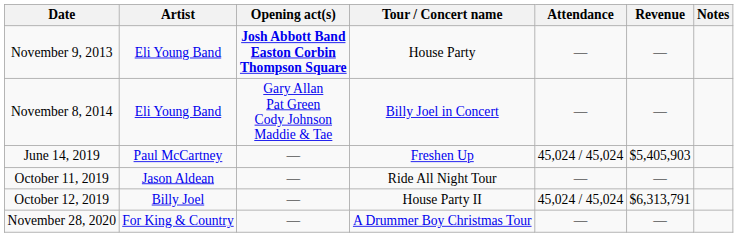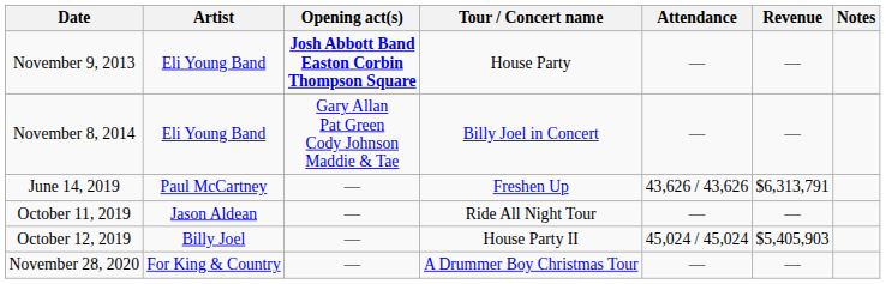 <table class="wikitable" style="text-align:center;">
 <tr>
 <th style="text-align:center;">Date</th>
 <th style="text-align:center;">Artist</th>
 <th style="text-align:center;">Opening act(s)</th>
 <th style="text-align:center;">Tour / Concert name</th>
 <th style="text-align:center;">Attendance</th>
 <th style="text-align:center;">Revenue</th>
 <th style="text-align:center;">Notes</th>
 </tr>
 <tr>
 <td>November 9, 2013</td>
 <td><a href='#'>Eli Young Band</a></td>
 <td><strong><a href='#'>Josh Abbott Band</a><br><a href='#'>Easton Corbin</a><br><a href='#'>Thompson Square</a></strong></td>
 <td>House Party</td>
 <td>—</td>
 <td>—</td>
 <td></td>
 </tr>
 <tr>
 <td>November 8, 2014</td>
 <td><a href='#'>Eli Young Band</a></td>
 <td><a href='#'>Gary Allan</a><br><a href='#'>Pat Green</a><br><a href='#'>Cody Johnson</a><br><a href='#'>Maddie & Tae</a></td>
 <td><a href='#'>Billy Joel in Concert</a></td>
 <td>—</td>
 <td>—</td>
 <td></td>
 </tr>
 <tr>
 <td>June 14, 2019</td>
 <td><a href='#'>Paul McCartney</a></td>
 <td>—</td>
 <td><a href='#'>Freshen Up</a></td>
-<td>45,024 / 45,024</td>
-<td>$5,405,903</td>
+<td>43,626 / 43,626</td>
+<td>$6,313,791</td>
 <td></td>
 </tr>
 <tr>
 <td>October 11, 2019</td>
 <td><a href='#'>Jason Aldean</a></td>
 <td>—</td>
 <td>Ride All Night Tour</td>
 <td>—</td>
 <td>—</td>
 <td></td>
 </tr>
 <tr>
 <td>October 12, 2019</td>
 <td><a href='#'>Billy Joel</a></td>
 <td>—</td>
 <td>House Party II</td>
 <td>45,024 / 45,024</td>
-<td>$6,313,791</td>
+<td>$5,405,903</td>
 <td></td>
 </tr>
 <tr>
 <td>November 28, 2020</td>
 <td><a href='#'>For King & Country</a></td>
 <td>—</td>
 <td><a href='#'>A Drummer Boy Christmas Tour</a></td>
 <td>—</td>
 <td>—</td>
 <td></td>
 </tr>
 </table>
